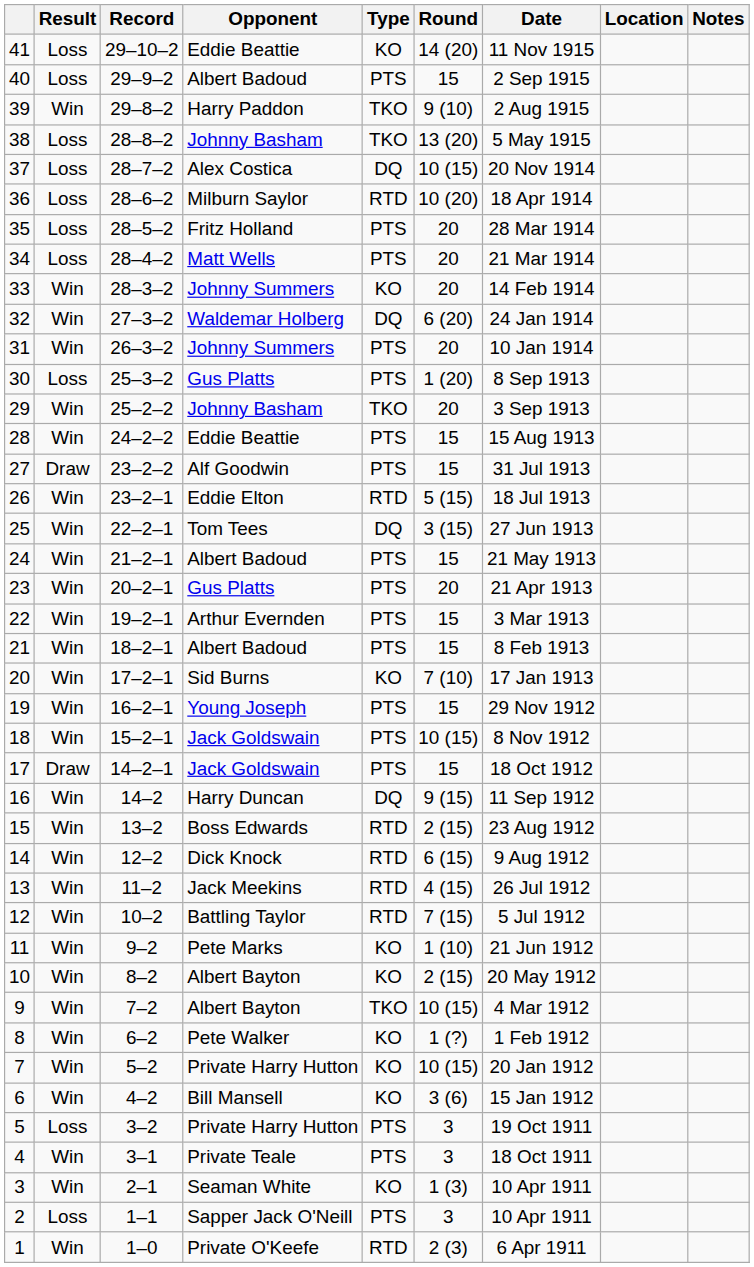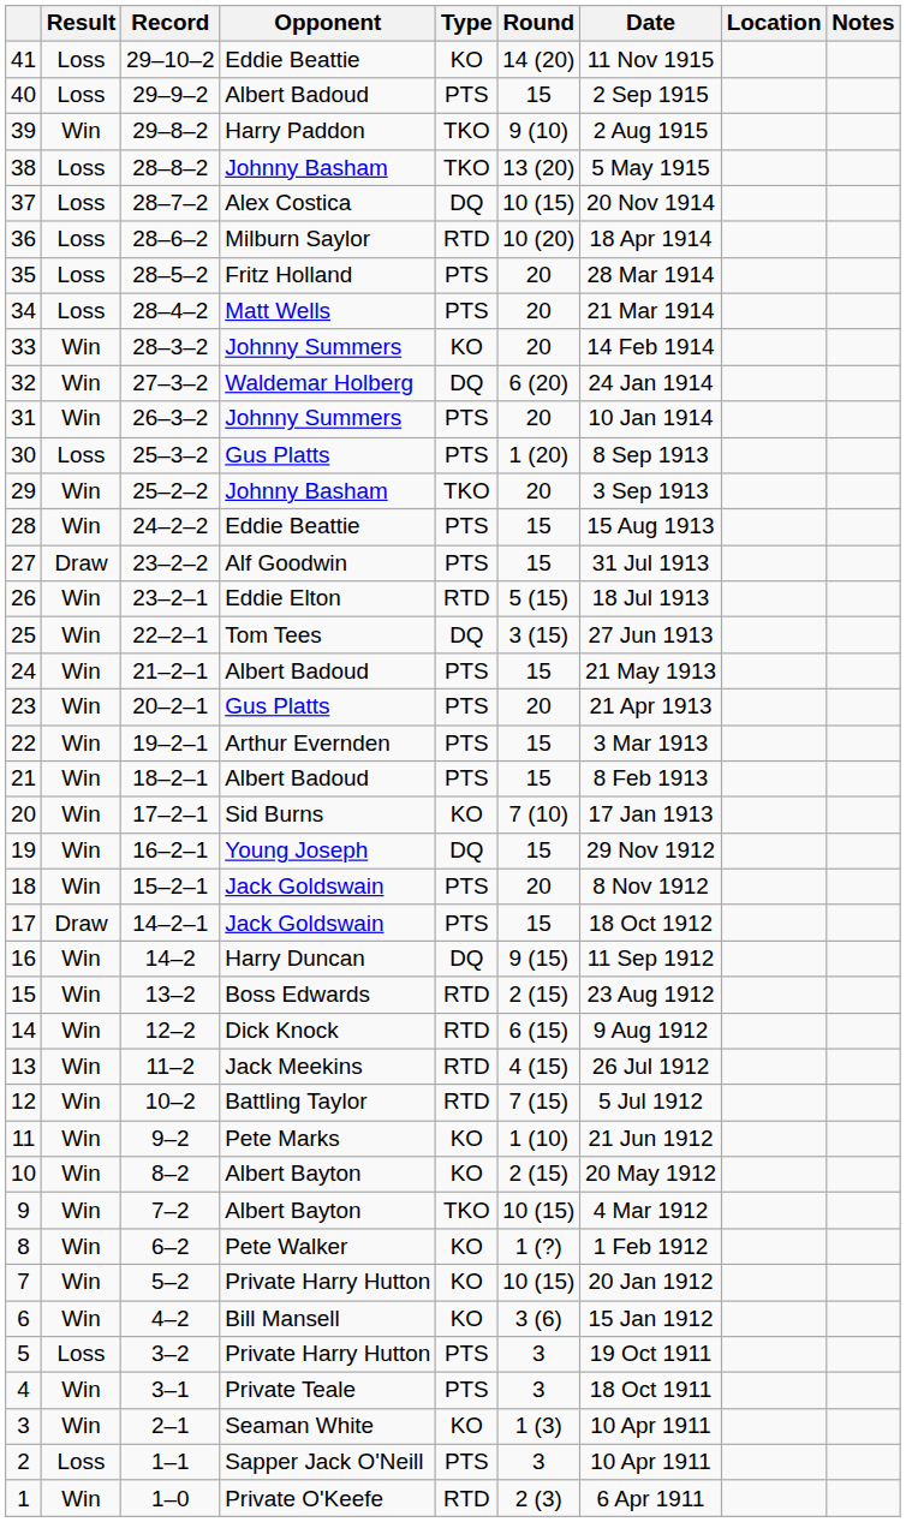 <table class="wikitable" style="text-align:center">
 <tr>
 <th></th>
 <th>Result</th>
 <th>Record</th>
 <th>Opponent</th>
 <th>Type</th>
 <th>Round</th>
 <th>Date</th>
 <th>Location</th>
 <th>Notes</th>
 </tr>
 <tr>
 <td>41</td>
 <td>Loss</td>
 <td>29–10–2</td>
 <td style="text-align:left;">Eddie Beattie</td>
 <td>KO</td>
 <td>14 (20)</td>
 <td>11 Nov 1915</td>
 <td style="text-align:left;"></td>
 <td></td>
 </tr>
 <tr>
 <td>40</td>
 <td>Loss</td>
 <td>29–9–2</td>
 <td style="text-align:left;">Albert Badoud</td>
 <td>PTS</td>
 <td>15</td>
 <td>2 Sep 1915</td>
 <td style="text-align:left;"></td>
 <td></td>
 </tr>
 <tr>
 <td>39</td>
 <td>Win</td>
 <td>29–8–2</td>
 <td style="text-align:left;">Harry Paddon</td>
 <td>TKO</td>
 <td>9 (10)</td>
 <td>2 Aug 1915</td>
 <td style="text-align:left;"></td>
 <td></td>
 </tr>
 <tr>
 <td>38</td>
 <td>Loss</td>
 <td>28–8–2</td>
 <td style="text-align:left;"><a href='#'>Johnny Basham</a></td>
 <td>TKO</td>
 <td>13 (20)</td>
 <td>5 May 1915</td>
 <td style="text-align:left;"></td>
 <td></td>
 </tr>
 <tr>
 <td>37</td>
 <td>Loss</td>
 <td>28–7–2</td>
 <td style="text-align:left;">Alex Costica</td>
 <td>DQ</td>
 <td>10 (15)</td>
 <td>20 Nov 1914</td>
 <td style="text-align:left;"></td>
 <td></td>
 </tr>
 <tr>
 <td>36</td>
 <td>Loss</td>
 <td>28–6–2</td>
 <td style="text-align:left;">Milburn Saylor</td>
 <td>RTD</td>
 <td>10 (20)</td>
 <td>18 Apr 1914</td>
 <td style="text-align:left;"></td>
 <td></td>
 </tr>
 <tr>
 <td>35</td>
 <td>Loss</td>
 <td>28–5–2</td>
 <td style="text-align:left;">Fritz Holland</td>
 <td>PTS</td>
 <td>20</td>
 <td>28 Mar 1914</td>
 <td style="text-align:left;"></td>
 <td></td>
 </tr>
 <tr>
 <td>34</td>
 <td>Loss</td>
 <td>28–4–2</td>
 <td style="text-align:left;"><a href='#'>Matt Wells</a></td>
 <td>PTS</td>
 <td>20</td>
 <td>21 Mar 1914</td>
 <td style="text-align:left;"></td>
 <td style="text-align:left;"></td>
 </tr>
 <tr>
 <td>33</td>
 <td>Win</td>
 <td>28–3–2</td>
 <td style="text-align:left;"><a href='#'>Johnny Summers</a></td>
 <td>KO</td>
 <td>20</td>
 <td>14 Feb 1914</td>
 <td style="text-align:left;"></td>
 <td style="text-align:left;"></td>
 </tr>
 <tr>
 <td>32</td>
 <td>Win</td>
 <td>27–3–2</td>
 <td style="text-align:left;"><a href='#'>Waldemar Holberg</a></td>
 <td>DQ</td>
 <td>6 (20)</td>
 <td>24 Jan 1914</td>
 <td style="text-align:left;"></td>
 <td style="text-align:left;"></td>
 </tr>
 <tr>
 <td>31</td>
 <td>Win</td>
 <td>26–3–2</td>
 <td style="text-align:left;"><a href='#'>Johnny Summers</a></td>
 <td>PTS</td>
 <td>20</td>
 <td>10 Jan 1914</td>
 <td style="text-align:left;"></td>
 <td></td>
 </tr>
 <tr>
 <td>30</td>
 <td>Loss</td>
 <td>25–3–2</td>
 <td style="text-align:left;"><a href='#'>Gus Platts</a></td>
 <td>PTS</td>
 <td>1 (20)</td>
 <td>8 Sep 1913</td>
 <td style="text-align:left;"></td>
 <td></td>
 </tr>
 <tr>
 <td>29</td>
 <td>Win</td>
 <td>25–2–2</td>
 <td style="text-align:left;"><a href='#'>Johnny Basham</a></td>
 <td>TKO</td>
 <td>20</td>
 <td>3 Sep 1913</td>
 <td style="text-align:left;"></td>
 <td></td>
 </tr>
 <tr>
 <td>28</td>
 <td>Win</td>
 <td>24–2–2</td>
 <td style="text-align:left;">Eddie Beattie</td>
 <td>PTS</td>
 <td>15</td>
 <td>15 Aug 1913</td>
 <td style="text-align:left;"></td>
 <td></td>
 </tr>
 <tr>
 <td>27</td>
 <td>Draw</td>
 <td>23–2–2</td>
 <td style="text-align:left;">Alf Goodwin</td>
 <td>PTS</td>
 <td>15</td>
 <td>31 Jul 1913</td>
 <td style="text-align:left;"></td>
 <td></td>
 </tr>
 <tr>
 <td>26</td>
 <td>Win</td>
 <td>23–2–1</td>
 <td style="text-align:left;">Eddie Elton</td>
 <td>RTD</td>
 <td>5 (15)</td>
 <td>18 Jul 1913</td>
 <td style="text-align:left;"></td>
 <td></td>
 </tr>
 <tr>
 <td>25</td>
 <td>Win</td>
 <td>22–2–1</td>
 <td style="text-align:left;">Tom Tees</td>
 <td>DQ</td>
 <td>3 (15)</td>
 <td>27 Jun 1913</td>
 <td style="text-align:left;"></td>
 <td></td>
 </tr>
 <tr>
 <td>24</td>
 <td>Win</td>
 <td>21–2–1</td>
 <td style="text-align:left;">Albert Badoud</td>
 <td>PTS</td>
 <td>15</td>
 <td>21 May 1913</td>
 <td style="text-align:left;"></td>
 <td></td>
 </tr>
 <tr>
 <td>23</td>
 <td>Win</td>
 <td>20–2–1</td>
 <td style="text-align:left;"><a href='#'>Gus Platts</a></td>
 <td>PTS</td>
 <td>20</td>
 <td>21 Apr 1913</td>
 <td style="text-align:left;"></td>
 <td></td>
 </tr>
 <tr>
 <td>22</td>
 <td>Win</td>
 <td>19–2–1</td>
 <td style="text-align:left;">Arthur Evernden</td>
 <td>PTS</td>
 <td>15</td>
 <td>3 Mar 1913</td>
 <td style="text-align:left;"></td>
 <td></td>
 </tr>
 <tr>
 <td>21</td>
 <td>Win</td>
 <td>18–2–1</td>
 <td style="text-align:left;">Albert Badoud</td>
 <td>PTS</td>
 <td>15</td>
 <td>8 Feb 1913</td>
 <td style="text-align:left;"></td>
 <td></td>
 </tr>
 <tr>
 <td>20</td>
 <td>Win</td>
 <td>17–2–1</td>
 <td style="text-align:left;">Sid Burns</td>
 <td>KO</td>
 <td>7 (10)</td>
 <td>17 Jan 1913</td>
 <td style="text-align:left;"></td>
 <td></td>
 </tr>
 <tr>
 <td>19</td>
 <td>Win</td>
 <td>16–2–1</td>
 <td style="text-align:left;"><a href='#'>Young Joseph</a></td>
-<td>PTS</td>
+<td>DQ</td>
 <td>15</td>
 <td>29 Nov 1912</td>
 <td style="text-align:left;"></td>
 <td></td>
 </tr>
 <tr>
 <td>18</td>
 <td>Win</td>
 <td>15–2–1</td>
 <td style="text-align:left;"><a href='#'>Jack Goldswain</a></td>
 <td>PTS</td>
-<td>10 (15)</td>
+<td>20</td>
 <td>8 Nov 1912</td>
 <td style="text-align:left;"></td>
 <td></td>
 </tr>
 <tr>
 <td>17</td>
 <td>Draw</td>
 <td>14–2–1</td>
 <td style="text-align:left;"><a href='#'>Jack Goldswain</a></td>
 <td>PTS</td>
 <td>15</td>
 <td>18 Oct 1912</td>
 <td style="text-align:left;"></td>
 <td></td>
 </tr>
 <tr>
 <td>16</td>
 <td>Win</td>
 <td>14–2</td>
 <td style="text-align:left;">Harry Duncan</td>
 <td>DQ</td>
 <td>9 (15)</td>
 <td>11 Sep 1912</td>
 <td style="text-align:left;"></td>
 <td></td>
 </tr>
 <tr>
 <td>15</td>
 <td>Win</td>
 <td>13–2</td>
 <td style="text-align:left;">Boss Edwards</td>
 <td>RTD</td>
 <td>2 (15)</td>
 <td>23 Aug 1912</td>
 <td style="text-align:left;"></td>
 <td></td>
 </tr>
 <tr>
 <td>14</td>
 <td>Win</td>
 <td>12–2</td>
 <td style="text-align:left;">Dick Knock</td>
 <td>RTD</td>
 <td>6 (15)</td>
 <td>9 Aug 1912</td>
 <td style="text-align:left;"></td>
 <td></td>
 </tr>
 <tr>
 <td>13</td>
 <td>Win</td>
 <td>11–2</td>
 <td style="text-align:left;">Jack Meekins</td>
 <td>RTD</td>
 <td>4 (15)</td>
 <td>26 Jul 1912</td>
 <td style="text-align:left;"></td>
 <td></td>
 </tr>
 <tr>
 <td>12</td>
 <td>Win</td>
 <td>10–2</td>
 <td style="text-align:left;">Battling Taylor</td>
 <td>RTD</td>
 <td>7 (15)</td>
 <td>5 Jul 1912</td>
 <td style="text-align:left;"></td>
 <td></td>
 </tr>
 <tr>
 <td>11</td>
 <td>Win</td>
 <td>9–2</td>
 <td style="text-align:left;">Pete Marks</td>
 <td>KO</td>
 <td>1 (10)</td>
 <td>21 Jun 1912</td>
 <td style="text-align:left;"></td>
 <td></td>
 </tr>
 <tr>
 <td>10</td>
 <td>Win</td>
 <td>8–2</td>
 <td style="text-align:left;">Albert Bayton</td>
 <td>KO</td>
 <td>2 (15)</td>
 <td>20 May 1912</td>
 <td style="text-align:left;"></td>
 <td></td>
 </tr>
 <tr>
 <td>9</td>
 <td>Win</td>
 <td>7–2</td>
 <td style="text-align:left;">Albert Bayton</td>
 <td>TKO</td>
 <td>10 (15)</td>
 <td>4 Mar 1912</td>
 <td style="text-align:left;"></td>
 <td></td>
 </tr>
 <tr>
 <td>8</td>
 <td>Win</td>
 <td>6–2</td>
 <td style="text-align:left;">Pete Walker</td>
 <td>KO</td>
 <td>1 (?)</td>
 <td>1 Feb 1912</td>
 <td style="text-align:left;"></td>
 <td></td>
 </tr>
 <tr>
 <td>7</td>
 <td>Win</td>
 <td>5–2</td>
 <td style="text-align:left;">Private Harry Hutton</td>
 <td>KO</td>
 <td>10 (15)</td>
 <td>20 Jan 1912</td>
 <td style="text-align:left;"></td>
 <td></td>
 </tr>
 <tr>
 <td>6</td>
 <td>Win</td>
 <td>4–2</td>
 <td style="text-align:left;">Bill Mansell</td>
 <td>KO</td>
 <td>3 (6)</td>
 <td>15 Jan 1912</td>
 <td style="text-align:left;"></td>
 <td></td>
 </tr>
 <tr>
 <td>5</td>
 <td>Loss</td>
 <td>3–2</td>
 <td style="text-align:left;">Private Harry Hutton</td>
 <td>PTS</td>
 <td>3</td>
 <td>19 Oct 1911</td>
 <td style="text-align:left;"></td>
 <td></td>
 </tr>
 <tr>
 <td>4</td>
 <td>Win</td>
 <td>3–1</td>
 <td style="text-align:left;">Private Teale</td>
 <td>PTS</td>
 <td>3</td>
 <td>18 Oct 1911</td>
 <td style="text-align:left;"></td>
 <td></td>
 </tr>
 <tr>
 <td>3</td>
 <td>Win</td>
 <td>2–1</td>
 <td style="text-align:left;">Seaman White</td>
 <td>KO</td>
 <td>1 (3)</td>
 <td>10 Apr 1911</td>
 <td style="text-align:left;"></td>
 <td></td>
 </tr>
 <tr>
 <td>2</td>
 <td>Loss</td>
 <td>1–1</td>
 <td style="text-align:left;">Sapper Jack O'Neill</td>
 <td>PTS</td>
 <td>3</td>
 <td>10 Apr 1911</td>
 <td style="text-align:left;"></td>
 <td></td>
 </tr>
 <tr>
 <td>1</td>
 <td>Win</td>
 <td>1–0</td>
 <td style="text-align:left;">Private O'Keefe</td>
 <td>RTD</td>
 <td>2 (3)</td>
 <td>6 Apr 1911</td>
 <td style="text-align:left;"></td>
 <td></td>
 </tr>
 <tr>
 </tr>
 </table>
